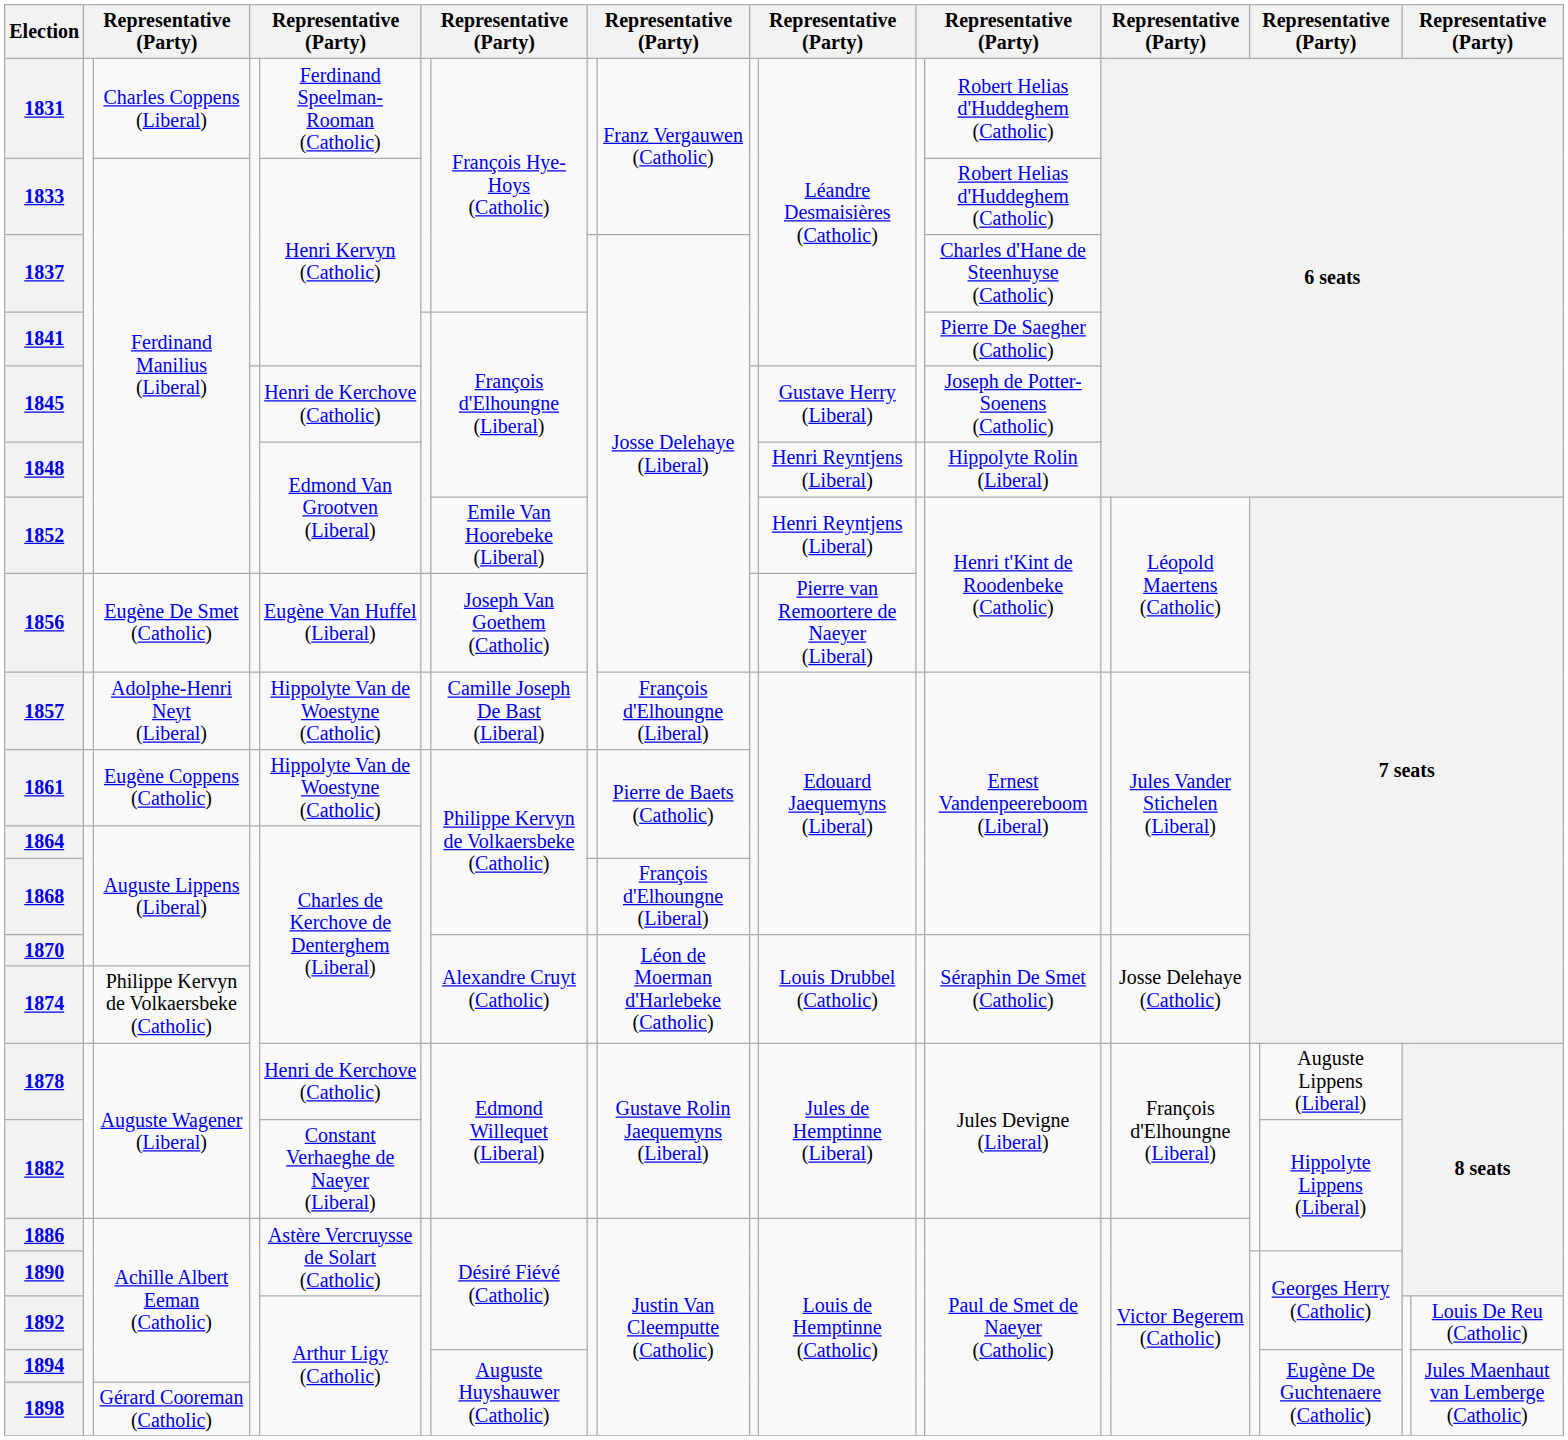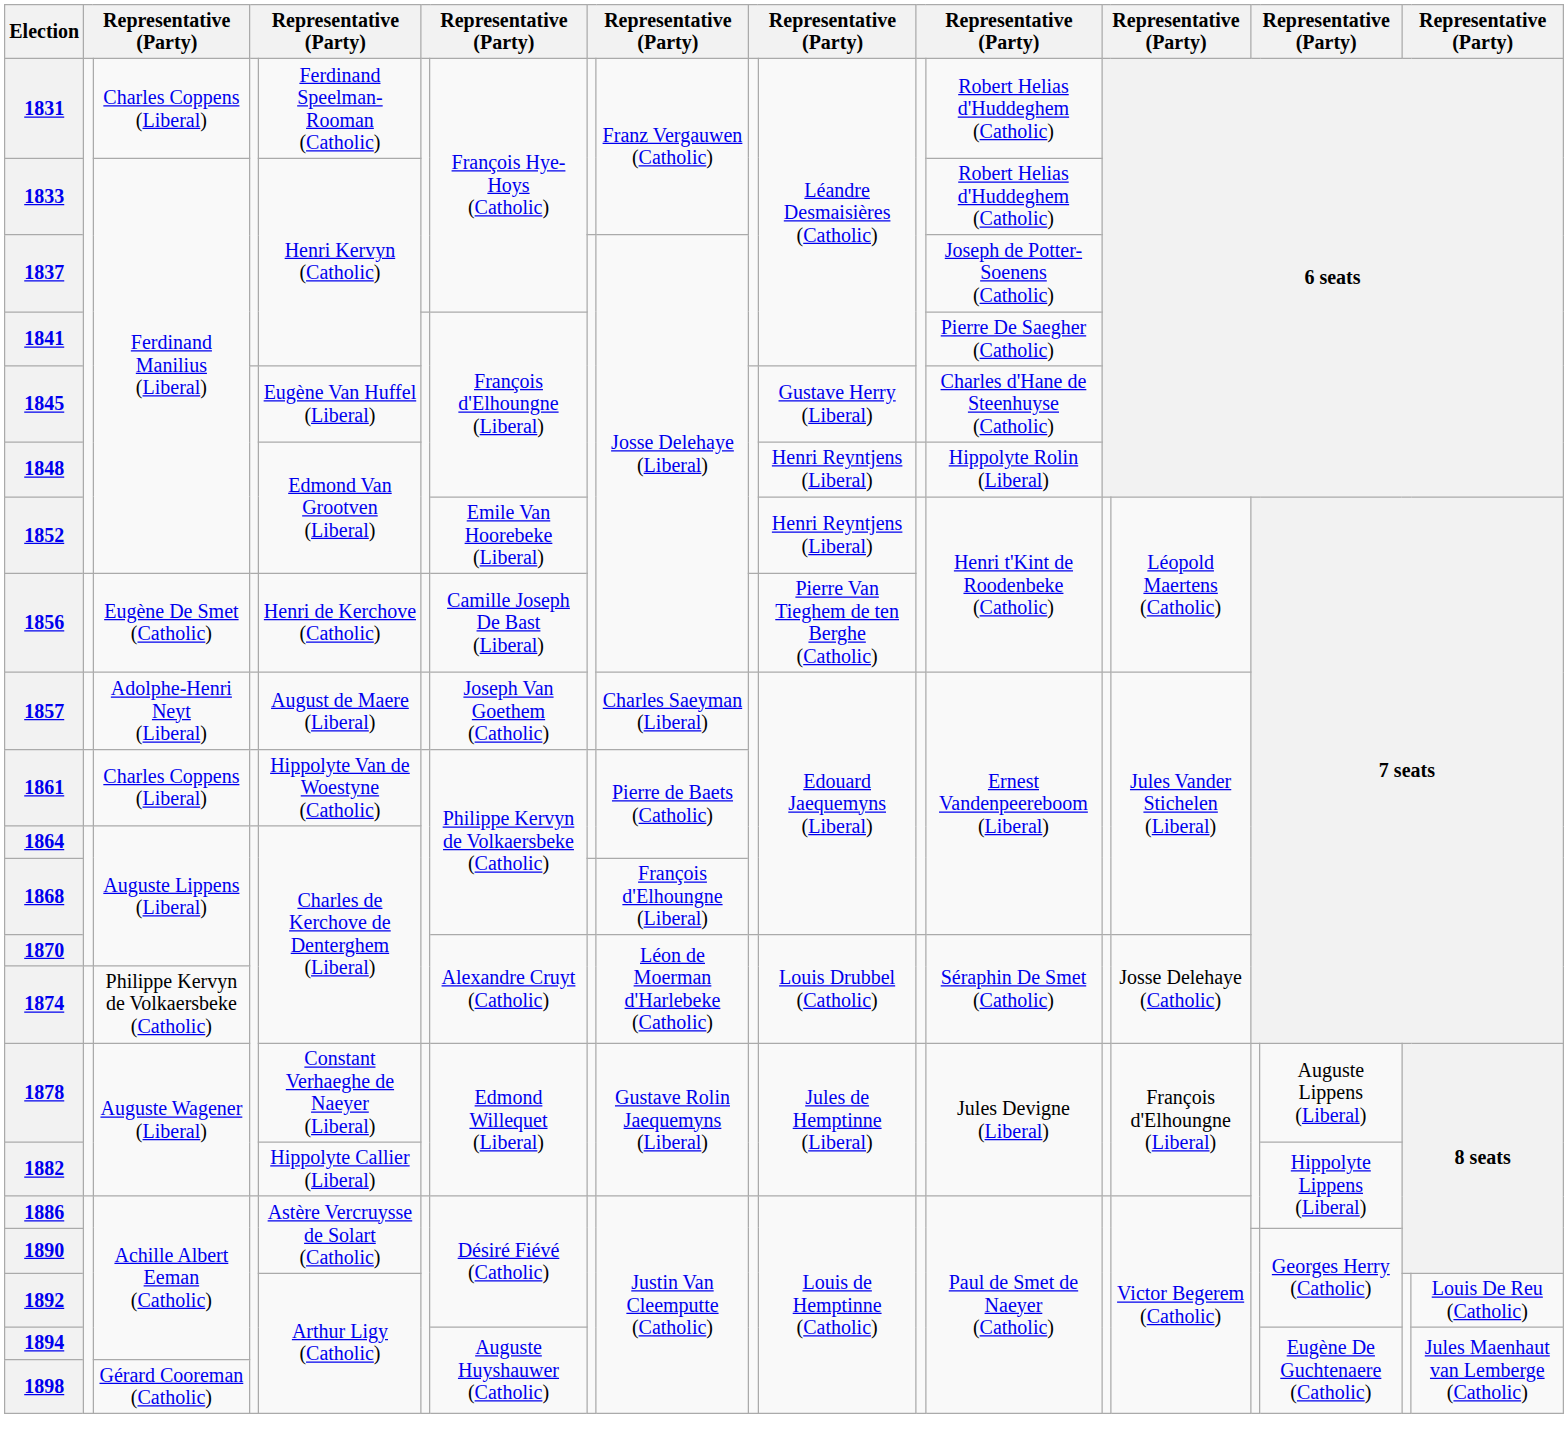 <table class="wikitable" style="text-align:center">
 <tr>
 <th>Election</th>
 <th colspan=2>Representative<br>(Party)</th>
 <th colspan=2>Representative<br>(Party)</th>
 <th colspan=2>Representative<br>(Party)</th>
 <th colspan=2>Representative<br>(Party)</th>
 <th colspan=2>Representative<br>(Party)</th>
 <th colspan=2>Representative<br>(Party)</th>
 <th colspan=2>Representative<br>(Party)</th>
 <th colspan=2>Representative<br>(Party)</th>
 <th colspan=2>Representative<br>(Party)</th>
 </tr>
 <tr>
 <th><a href='#'>1831</a></th>
 <td rowspan=7; style="background-color: "></td>
 <td rowspan=1><a href='#'>Charles Coppens</a><br>(<a href='#'>Liberal</a>)</td>
 <td rowspan=4; style="background-color: "></td>
 <td rowspan=1><a href='#'>Ferdinand Speelman-Rooman</a><br>(<a href='#'>Catholic</a>)</td>
 <td rowspan=3; style="background-color: "></td>
 <td rowspan=3><a href='#'>François Hye-Hoys</a><br>(<a href='#'>Catholic</a>)</td>
 <td rowspan=2; style="background-color: "></td>
 <td rowspan=2><a href='#'>Franz Vergauwen</a><br>(<a href='#'>Catholic</a>)</td>
 <td rowspan=4; style="background-color: "></td>
 <td rowspan=4><a href='#'>Léandre Desmaisières</a><br>(<a href='#'>Catholic</a>)</td>
 <td rowspan=5; style="background-color: "></td>
 <td rowspan=1><a href='#'>Robert Helias d'Huddeghem</a><br>(<a href='#'>Catholic</a>)</td>
 <th colspan=6; rowspan=6>6 seats</th>
 </tr>
 <tr>
 <th><a href='#'>1833</a></th>
 <td rowspan=6><a href='#'>Ferdinand Manilius</a><br>(<a href='#'>Liberal</a>)</td>
 <td rowspan=3><a href='#'>Henri Kervyn</a><br>(<a href='#'>Catholic</a>)</td>
 <td rowspan=1><a href='#'>Robert Helias d'Huddeghem</a><br>(<a href='#'>Catholic</a>)</td>
 </tr>
 <tr>
 <th><a href='#'>1837</a></th>
 <td rowspan=7; style="background-color: "></td>
 <td rowspan=6><a href='#'>Josse Delehaye</a><br>(<a href='#'>Liberal</a>)</td>
-<td rowspan=1><a href='#'>Charles d'Hane de Steenhuyse</a><br>(<a href='#'>Catholic</a>)</td>
+<td rowspan=1><a href='#'>Joseph de Potter-Soenens</a><br>(<a href='#'>Catholic</a>)</td>
 </tr>
 <tr>
 <th><a href='#'>1841</a></th>
 <td rowspan=4; style="background-color: "></td>
 <td rowspan=3><a href='#'>François d'Elhoungne</a><br>(<a href='#'>Liberal</a>)</td>
 <td rowspan=1><a href='#'>Pierre De Saegher</a><br>(<a href='#'>Catholic</a>)</td>
 </tr>
 <tr>
 <th><a href='#'>1845</a></th>
 <td rowspan=3; style="background-color: "></td>
-<td rowspan=1><a href='#'>Henri de Kerchove</a><br>(<a href='#'>Catholic</a>)</td>
+<td rowspan=1><a href='#'>Eugène Van Huffel</a><br>(<a href='#'>Liberal</a>)</td>
 <td rowspan=3; style="background-color: "></td>
 <td rowspan=1><a href='#'>Gustave Herry</a><br>(<a href='#'>Liberal</a>)</td>
-<td rowspan=1><a href='#'>Joseph de Potter-Soenens</a><br>(<a href='#'>Catholic</a>)</td>
+<td rowspan=1><a href='#'>Charles d'Hane de Steenhuyse</a><br>(<a href='#'>Catholic</a>)</td>
 </tr>
 <tr>
 <th><a href='#'>1848</a></th>
 <td rowspan=2><a href='#'>Edmond Van Grootven</a><br>(<a href='#'>Liberal</a>)</td>
 <td rowspan=1><a href='#'>Henri Reyntjens</a><br>(<a href='#'>Liberal</a>)</td>
 <td rowspan=1; style="background-color: "></td>
 <td rowspan=1><a href='#'>Hippolyte Rolin</a><br>(<a href='#'>Liberal</a>)</td>
 </tr>
 <tr>
 <th><a href='#'>1852</a></th>
 <td rowspan=1><a href='#'>Emile Van Hoorebeke</a><br>(<a href='#'>Liberal</a>)</td>
 <td rowspan=1><a href='#'>Henri Reyntjens</a><br>(<a href='#'>Liberal</a>)</td>
 <td rowspan=2; style="background-color: "></td>
 <td rowspan=2><a href='#'>Henri t'Kint de Roodenbeke</a><br>(<a href='#'>Catholic</a>)</td>
 <td rowspan=2; style="background-color: "></td>
 <td rowspan=2><a href='#'>Léopold Maertens</a><br>(<a href='#'>Catholic</a>)</td>
 <th colspan=4; rowspan=8>7 seats</th>
 </tr>
 <tr>
 <th><a href='#'>1856</a></th>
 <td rowspan=1; style="background-color: "></td>
 <td rowspan=1><a href='#'>Eugène De Smet</a><br>(<a href='#'>Catholic</a>)</td>
 <td rowspan=1; style="background-color: "></td>
-<td rowspan=1><a href='#'>Eugène Van Huffel</a><br>(<a href='#'>Liberal</a>)</td>
+<td rowspan=1><a href='#'>Henri de Kerchove</a><br>(<a href='#'>Catholic</a>)</td>
 <td rowspan=1; style="background-color: "></td>
-<td rowspan=1><a href='#'>Joseph Van Goethem</a><br>(<a href='#'>Catholic</a>)</td>
+<td rowspan=1><a href='#'>Camille Joseph De Bast</a><br>(<a href='#'>Liberal</a>)</td>
 <td rowspan=1; style="background-color: "></td>
-<td rowspan=1><a href='#'>Pierre van Remoortere de Naeyer</a><br>(<a href='#'>Liberal</a>)</td>
+<td rowspan=1><a href='#'>Pierre Van Tieghem de ten Berghe</a><br>(<a href='#'>Catholic</a>)</td>
 </tr>
 <tr>
 <th><a href='#'>1857</a></th>
 <td rowspan=1; style="background-color: "></td>
 <td rowspan=1><a href='#'>Adolphe-Henri Neyt</a><br>(<a href='#'>Liberal</a>)</td>
 <td rowspan=1; style="background-color: "></td>
-<td rowspan=1><a href='#'>Hippolyte Van de Woestyne</a><br>(<a href='#'>Catholic</a>)</td>
+<td rowspan=1><a href='#'>August de Maere</a><br>(<a href='#'>Liberal</a>)</td>
 <td rowspan=1; style="background-color: "></td>
-<td rowspan=1><a href='#'>Camille Joseph De Bast</a><br>(<a href='#'>Liberal</a>)</td>
-<td rowspan=1><a href='#'>François d'Elhoungne</a><br>(<a href='#'>Liberal</a>)</td>
+<td rowspan=1><a href='#'>Joseph Van Goethem</a><br>(<a href='#'>Catholic</a>)</td>
+<td rowspan=1><a href='#'>Charles Saeyman</a><br>(<a href='#'>Liberal</a>)</td>
 <td rowspan=4; style="background-color: "></td>
 <td rowspan=4><a href='#'>Edouard Jaequemyns</a><br>(<a href='#'>Liberal</a>)</td>
 <td rowspan=4; style="background-color: "></td>
 <td rowspan=4><a href='#'>Ernest Vandenpeereboom</a><br>(<a href='#'>Liberal</a>)</td>
 <td rowspan=4; style="background-color: "></td>
 <td rowspan=4><a href='#'>Jules Vander Stichelen</a><br>(<a href='#'>Liberal</a>)</td>
 </tr>
 <tr>
 <th><a href='#'>1861</a></th>
 <td rowspan=1; style="background-color: "></td>
-<td rowspan=1><a href='#'>Eugène Coppens</a><br>(<a href='#'>Catholic</a>)</td>
+<td rowspan=1><a href='#'>Charles Coppens</a><br>(<a href='#'>Liberal</a>)</td>
 <td rowspan=1; style="background-color: "></td>
 <td rowspan=1><a href='#'>Hippolyte Van de Woestyne</a><br>(<a href='#'>Catholic</a>)</td>
 <td rowspan=5; style="background-color: "></td>
 <td rowspan=3><a href='#'>Philippe Kervyn de Volkaersbeke</a><br>(<a href='#'>Catholic</a>)</td>
 <td rowspan=2; style="background-color: "></td>
 <td rowspan=2><a href='#'>Pierre de Baets</a><br>(<a href='#'>Catholic</a>)</td>
 </tr>
 <tr>
 <th><a href='#'>1864</a></th>
 <td rowspan=3; style="background-color: "></td>
 <td rowspan=3><a href='#'>Auguste Lippens</a><br>(<a href='#'>Liberal</a>)</td>
 <td rowspan=6; style="background-color: "></td>
 <td rowspan=4><a href='#'>Charles de Kerchove de Denterghem</a><br>(<a href='#'>Liberal</a>)</td>
 </tr>
 <tr>
 <th><a href='#'>1868</a></th>
 <td rowspan=1; style="background-color: "></td>
 <td rowspan=1><a href='#'>François d'Elhoungne</a><br>(<a href='#'>Liberal</a>)</td>
 </tr>
 <tr>
 <th><a href='#'>1870</a></th>
 <td rowspan=2><a href='#'>Alexandre Cruyt</a><br>(<a href='#'>Catholic</a>)</td>
 <td rowspan=2; style="background-color: "></td>
 <td rowspan=2><a href='#'>Léon de Moerman d'Harlebeke</a><br>(<a href='#'>Catholic</a>)</td>
 <td rowspan=2; style="background-color: "></td>
 <td rowspan=2><a href='#'>Louis Drubbel</a><br>(<a href='#'>Catholic</a>)</td>
 <td rowspan=2; style="background-color: "></td>
 <td rowspan=2><a href='#'>Séraphin De Smet</a><br>(<a href='#'>Catholic</a>)</td>
 <td rowspan=2; style="background-color: "></td>
 <td rowspan=2>Josse Delehaye<br>(<a href='#'>Catholic</a>)</td>
 </tr>
 <tr>
 <th><a href='#'>1874</a></th>
 <td rowspan=1; style="background-color: "></td>
 <td>Philippe Kervyn de Volkaersbeke<br>(<a href='#'>Catholic</a>)</td>
 </tr>
 <tr>
 <th><a href='#'>1878</a></th>
 <td rowspan=2; style="background-color: "></td>
 <td rowspan=2><a href='#'>Auguste Wagener</a><br>(<a href='#'>Liberal</a>)</td>
-<td rowspan=1><a href='#'>Henri de Kerchove</a><br>(<a href='#'>Catholic</a>)</td>
+<td rowspan=1><a href='#'>Constant Verhaeghe de Naeyer</a><br>(<a href='#'>Liberal</a>)</td>
 <td rowspan=2; style="background-color: "></td>
 <td rowspan=2><a href='#'>Edmond Willequet</a><br>(<a href='#'>Liberal</a>)</td>
 <td rowspan=2; style="background-color: "></td>
 <td rowspan=2><a href='#'>Gustave Rolin Jaequemyns</a><br>(<a href='#'>Liberal</a>)</td>
 <td rowspan=2; style="background-color: "></td>
 <td rowspan=2><a href='#'>Jules de Hemptinne</a><br>(<a href='#'>Liberal</a>)</td>
 <td rowspan=2; style="background-color: "></td>
 <td rowspan=2>Jules Devigne<br>(<a href='#'>Liberal</a>)</td>
 <td rowspan=2; style="background-color: "></td>
 <td rowspan=2>François d'Elhoungne<br>(<a href='#'>Liberal</a>)</td>
 <td rowspan=3; style="background-color: "></td>
 <td>Auguste Lippens<br>(<a href='#'>Liberal</a>)</td>
 <th colspan=2; rowspan=4>8 seats</th>
 </tr>
 <tr>
 <th><a href='#'>1882</a></th>
-<td rowspan=1><a href='#'>Constant Verhaeghe de Naeyer</a><br>(<a href='#'>Liberal</a>)</td>
+<td rowspan=1><a href='#'>Hippolyte Callier</a><br>(<a href='#'>Liberal</a>)</td>
 <td rowspan=2><a href='#'>Hippolyte Lippens</a><br>(<a href='#'>Liberal</a>)</td>
 </tr>
 <tr>
 <th><a href='#'>1886</a></th>
 <td rowspan=5; style="background-color: "></td>
 <td rowspan=4><a href='#'>Achille Albert Eeman</a><br>(<a href='#'>Catholic</a>)</td>
 <td rowspan=5; style="background-color: "></td>
 <td rowspan=2><a href='#'>Astère Vercruysse de Solart</a><br>(<a href='#'>Catholic</a>)</td>
 <td rowspan=5; style="background-color: "></td>
 <td rowspan=3><a href='#'>Désiré Fiévé</a><br>(<a href='#'>Catholic</a>)</td>
 <td rowspan=5; style="background-color: "></td>
 <td rowspan=5><a href='#'>Justin Van Cleemputte</a><br>(<a href='#'>Catholic</a>)</td>
 <td rowspan=5; style="background-color: "></td>
 <td rowspan=5><a href='#'>Louis de Hemptinne</a><br>(<a href='#'>Catholic</a>)</td>
 <td rowspan=5; style="background-color: "></td>
 <td rowspan=5><a href='#'>Paul de Smet de Naeyer</a><br>(<a href='#'>Catholic</a>)</td>
 <td rowspan=5; style="background-color: "></td>
 <td rowspan=5><a href='#'>Victor Begerem</a><br>(<a href='#'>Catholic</a>)</td>
 </tr>
 <tr>
 <th><a href='#'>1890</a></th>
 <td rowspan=4; style="background-color: "></td>
 <td rowspan=2><a href='#'>Georges Herry</a><br>(<a href='#'>Catholic</a>)</td>
 </tr>
 <tr>
 <th><a href='#'>1892</a></th>
 <td rowspan=3><a href='#'>Arthur Ligy</a><br>(<a href='#'>Catholic</a>)</td>
 <td rowspan=3; style="background-color: "></td>
 <td rowspan=1><a href='#'>Louis De Reu</a><br>(<a href='#'>Catholic</a>)</td>
 </tr>
 <tr>
 <th><a href='#'>1894</a></th>
 <td rowspan=2><a href='#'>Auguste Huyshauwer</a><br>(<a href='#'>Catholic</a>)</td>
 <td rowspan=2><a href='#'>Eugène De Guchtenaere</a><br>(<a href='#'>Catholic</a>)</td>
 <td rowspan=2><a href='#'>Jules Maenhaut van Lemberge</a><br>(<a href='#'>Catholic</a>)</td>
 </tr>
 <tr>
 <th><a href='#'>1898</a></th>
 <td rowspan=1><a href='#'>Gérard Cooreman</a><br>(<a href='#'>Catholic</a>)</td>
 </tr>
 </table>
